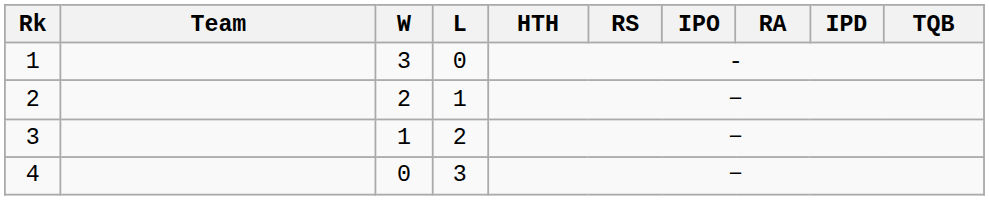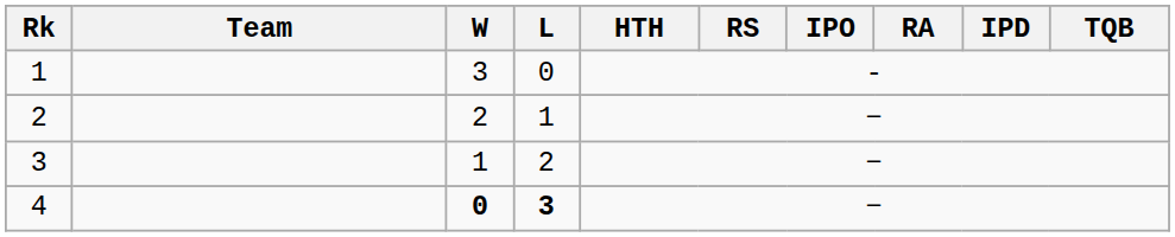 <table class=wikitable style=text-align:center>
 <tr>
 <th width=25>Rk</th>
 <th width=170>Team</th>
 <th width=25>W</th>
 <th width=25>L</th>
 <th width=50>HTH</th>
 <th width=35>RS</th>
 <th width=35>IPO</th>
 <th width=35>RA</th>
 <th width=35>IPD</th>
 <th width=50>TQB</th>
 </tr>
 <tr>
 <td>1</td>
 <td style="text-align:left;"></td>
 <td>3</td>
 <td>0</td>
 <td colspan="6" style="text-align: center;">-</td>
 </tr>
 <tr>
 <td>2</td>
 <td style="text-align:left;"></td>
 <td>2</td>
 <td>1</td>
 <td colspan="6" style="text-align: center;">−</td>
 </tr>
 <tr>
 <td>3</td>
 <td style="text-align:left;"></td>
 <td>1</td>
 <td>2</td>
 <td colspan="6" style="text-align: center;">−</td>
 </tr>
 <tr>
 <td>4</td>
 <td style="text-align:left;"></td>
-<td>0</td>
-<td>3</td>
+<td><strong>0</strong></td>
+<td><strong>3</strong></td>
 <td colspan="6" style="text-align: center;">−</td>
 </tr>
 </table>
